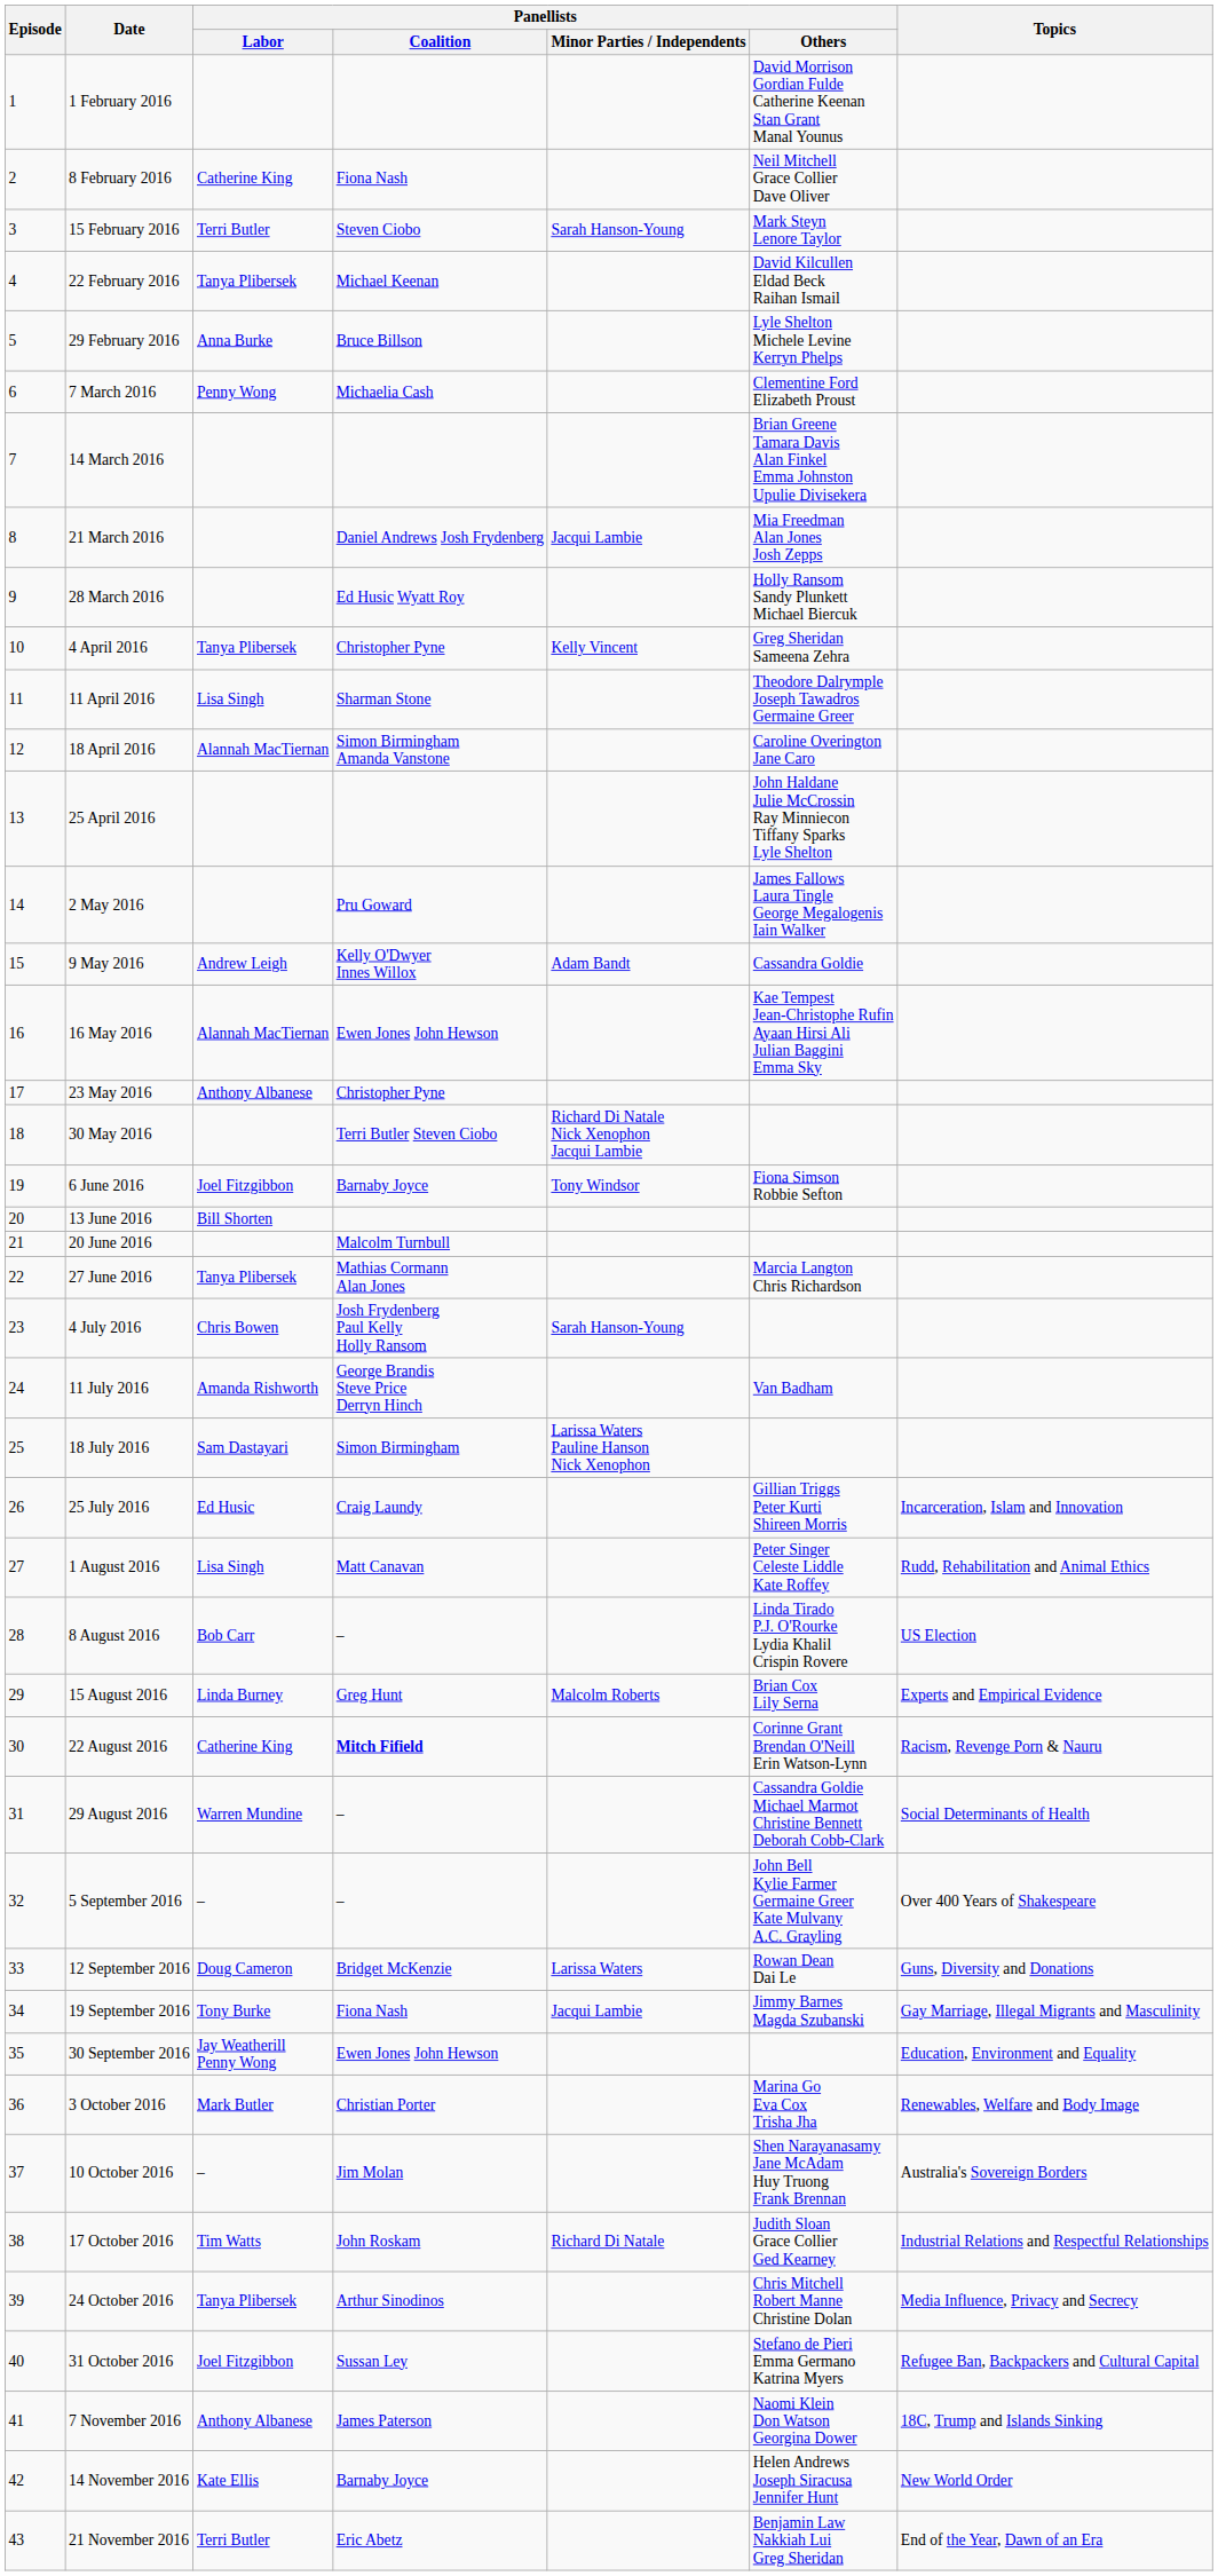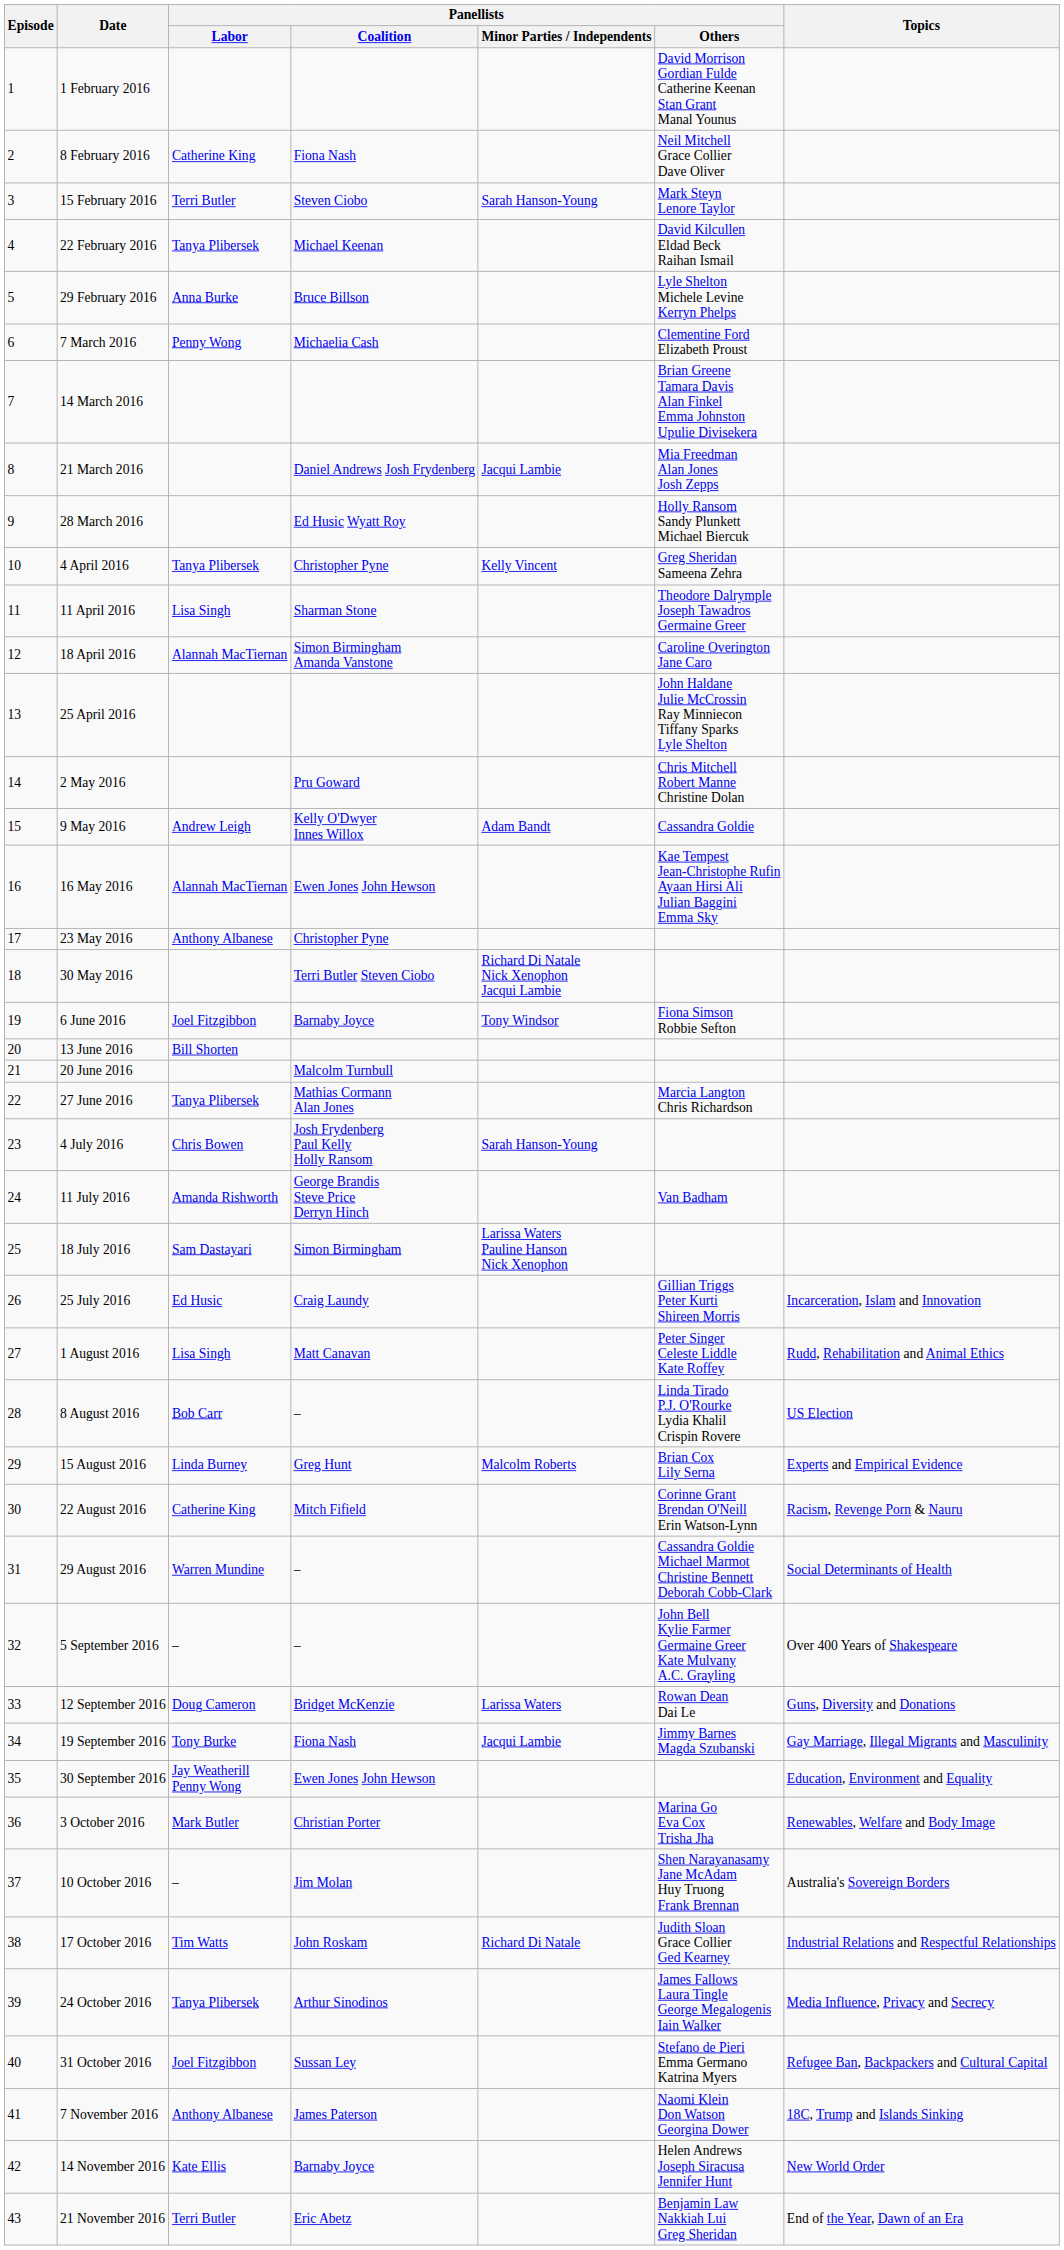 <table class="wikitable">
 <tr>
 <th rowspan="2">Episode</th>
 <th rowspan="2">Date</th>
 <th colspan="4">Panellists</th>
 <th rowspan="2">Topics</th>
 </tr>
 <tr>
 <th><a href='#'>Labor</a></th>
 <th><a href='#'>Coalition</a></th>
 <th>Minor Parties / Independents</th>
 <th>Others</th>
 </tr>
 <tr>
 <td>1</td>
 <td>1 February 2016</td>
 <td></td>
 <td></td>
 <td></td>
 <td><a href='#'>David Morrison</a><br><a href='#'>Gordian Fulde</a><br>Catherine Keenan<br><a href='#'>Stan Grant</a><br>Manal Younus</td>
 <td></td>
 </tr>
 <tr>
 <td>2</td>
 <td>8 February 2016</td>
 <td><a href='#'>Catherine King</a></td>
 <td><a href='#'>Fiona Nash</a></td>
 <td></td>
 <td><a href='#'>Neil Mitchell</a><br>Grace Collier<br>Dave Oliver</td>
 <td></td>
 </tr>
 <tr>
 <td>3</td>
 <td>15 February 2016</td>
 <td><a href='#'>Terri Butler</a></td>
 <td><a href='#'>Steven Ciobo</a></td>
 <td><a href='#'>Sarah Hanson-Young</a></td>
 <td><a href='#'>Mark Steyn</a><br><a href='#'>Lenore Taylor</a></td>
 <td></td>
 </tr>
 <tr>
 <td>4</td>
 <td>22 February 2016</td>
 <td><a href='#'>Tanya Plibersek</a></td>
 <td><a href='#'>Michael Keenan</a></td>
 <td></td>
 <td><a href='#'>David Kilcullen</a><br>Eldad Beck<br>Raihan Ismail</td>
 <td></td>
 </tr>
 <tr>
 <td>5</td>
 <td>29 February 2016</td>
 <td><a href='#'>Anna Burke</a></td>
 <td><a href='#'>Bruce Billson</a></td>
 <td></td>
 <td><a href='#'>Lyle Shelton</a><br>Michele Levine<br><a href='#'>Kerryn Phelps</a></td>
 <td></td>
 </tr>
 <tr>
 <td>6</td>
 <td>7 March 2016</td>
 <td><a href='#'>Penny Wong</a></td>
 <td><a href='#'>Michaelia Cash</a></td>
 <td></td>
 <td><a href='#'>Clementine Ford</a><br>Elizabeth Proust</td>
 <td></td>
 </tr>
 <tr>
 <td>7</td>
 <td>14 March 2016</td>
 <td></td>
 <td></td>
 <td></td>
 <td><a href='#'>Brian Greene</a><br><a href='#'>Tamara Davis</a><br><a href='#'>Alan Finkel</a><br><a href='#'>Emma Johnston</a><br><a href='#'>Upulie Divisekera</a></td>
 <td></td>
 </tr>
 <tr>
 <td>8</td>
 <td>21 March 2016</td>
 <td></td>
 <td><a href='#'>Daniel Andrews</a> <a href='#'>Josh Frydenberg</a></td>
 <td><a href='#'>Jacqui Lambie</a></td>
 <td><a href='#'>Mia Freedman</a><br><a href='#'>Alan Jones</a><br><a href='#'>Josh Zepps</a></td>
 <td></td>
 </tr>
 <tr>
 <td>9</td>
 <td>28 March 2016</td>
 <td></td>
 <td><a href='#'>Ed Husic</a> <a href='#'>Wyatt Roy</a></td>
 <td></td>
 <td><a href='#'>Holly Ransom</a><br>Sandy Plunkett<br>Michael Biercuk</td>
 <td></td>
 </tr>
 <tr>
 <td>10</td>
 <td>4 April 2016</td>
 <td><a href='#'>Tanya Plibersek</a></td>
 <td><a href='#'>Christopher Pyne</a></td>
 <td><a href='#'>Kelly Vincent</a></td>
 <td><a href='#'>Greg Sheridan</a><br>Sameena Zehra</td>
 <td></td>
 </tr>
 <tr>
 <td>11</td>
 <td>11 April 2016</td>
 <td><a href='#'>Lisa Singh</a></td>
 <td><a href='#'>Sharman Stone</a></td>
 <td></td>
 <td><a href='#'>Theodore Dalrymple</a><br><a href='#'>Joseph Tawadros</a><br><a href='#'>Germaine Greer</a></td>
 </tr>
 <tr>
 <td>12</td>
 <td>18 April 2016</td>
 <td><a href='#'>Alannah MacTiernan</a></td>
 <td><a href='#'>Simon Birmingham</a><br><a href='#'>Amanda Vanstone</a></td>
 <td></td>
 <td><a href='#'>Caroline Overington</a><br><a href='#'>Jane Caro</a></td>
 <td></td>
 </tr>
 <tr>
 <td>13</td>
 <td>25 April 2016</td>
 <td></td>
 <td></td>
 <td></td>
 <td><a href='#'>John Haldane</a><br><a href='#'>Julie McCrossin</a><br>Ray Minniecon<br>Tiffany Sparks<br><a href='#'>Lyle Shelton</a></td>
 <td></td>
 </tr>
 <tr>
 <td>14</td>
 <td>2 May 2016</td>
 <td></td>
 <td><a href='#'>Pru Goward</a></td>
 <td></td>
-<td><a href='#'>James Fallows</a><br><a href='#'>Laura Tingle</a><br><a href='#'>George Megalogenis</a><br><a href='#'>Iain Walker</a></td>
+<td><a href='#'>Chris Mitchell</a><br><a href='#'>Robert Manne</a><br>Christine Dolan</td>
 </tr>
 <tr>
 <td>15</td>
 <td>9 May 2016</td>
 <td><a href='#'>Andrew Leigh</a></td>
 <td><a href='#'>Kelly O'Dwyer</a><br><a href='#'>Innes Willox</a></td>
 <td><a href='#'>Adam Bandt</a></td>
 <td><a href='#'>Cassandra Goldie</a></td>
 <td></td>
 </tr>
 <tr>
 <td>16</td>
 <td>16 May 2016</td>
 <td><a href='#'>Alannah MacTiernan</a></td>
 <td><a href='#'>Ewen Jones</a> <a href='#'>John Hewson</a></td>
 <td></td>
 <td><a href='#'>Kae Tempest</a><br><a href='#'>Jean-Christophe Rufin</a><br><a href='#'>Ayaan Hirsi Ali</a><br><a href='#'>Julian Baggini</a><br><a href='#'>Emma Sky</a></td>
 <td></td>
 </tr>
 <tr>
 <td>17</td>
 <td>23 May 2016</td>
 <td><a href='#'>Anthony Albanese</a></td>
 <td><a href='#'>Christopher Pyne</a></td>
 <td></td>
 <td></td>
 <td></td>
 </tr>
 <tr>
 <td>18</td>
 <td>30 May 2016</td>
 <td></td>
 <td><a href='#'>Terri Butler</a> <a href='#'>Steven Ciobo</a></td>
 <td><a href='#'>Richard Di Natale</a><br><a href='#'>Nick Xenophon</a><br><a href='#'>Jacqui Lambie</a></td>
 <td></td>
 <td></td>
 </tr>
 <tr>
 <td>19</td>
 <td>6 June 2016</td>
 <td><a href='#'>Joel Fitzgibbon</a></td>
 <td><a href='#'>Barnaby Joyce</a></td>
 <td><a href='#'>Tony Windsor</a></td>
 <td><a href='#'>Fiona Simson</a><br>Robbie Sefton</td>
 <td></td>
 </tr>
 <tr>
 <td>20</td>
 <td>13 June 2016</td>
 <td><a href='#'>Bill Shorten</a></td>
 <td></td>
 <td></td>
 <td></td>
 <td></td>
 </tr>
 <tr>
 <td>21</td>
 <td>20 June 2016</td>
 <td></td>
 <td><a href='#'>Malcolm Turnbull</a></td>
 <td></td>
 <td></td>
 <td></td>
 </tr>
 <tr>
 <td>22</td>
 <td>27 June 2016</td>
 <td><a href='#'>Tanya Plibersek</a></td>
 <td><a href='#'>Mathias Cormann</a><br><a href='#'>Alan Jones</a></td>
 <td></td>
 <td><a href='#'>Marcia Langton</a><br>Chris Richardson</td>
 <td></td>
 </tr>
 <tr>
 <td>23</td>
 <td>4 July 2016</td>
 <td><a href='#'>Chris Bowen</a></td>
 <td><a href='#'>Josh Frydenberg</a><br><a href='#'>Paul Kelly</a><br><a href='#'>Holly Ransom</a></td>
 <td><a href='#'>Sarah Hanson-Young</a></td>
 <td></td>
 <td></td>
 </tr>
 <tr>
 <td>24</td>
 <td>11 July 2016</td>
 <td><a href='#'>Amanda Rishworth</a></td>
 <td><a href='#'>George Brandis</a><br><a href='#'>Steve Price</a><br><a href='#'>Derryn Hinch</a></td>
 <td></td>
 <td><a href='#'>Van Badham</a></td>
 <td></td>
 </tr>
 <tr>
 <td>25</td>
 <td>18 July 2016</td>
 <td><a href='#'>Sam Dastayari</a></td>
 <td><a href='#'>Simon Birmingham</a></td>
 <td><a href='#'>Larissa Waters</a><br><a href='#'>Pauline Hanson</a><br><a href='#'>Nick Xenophon</a></td>
 <td></td>
 <td></td>
 </tr>
 <tr>
 <td>26</td>
 <td>25 July 2016</td>
 <td><a href='#'>Ed Husic</a></td>
 <td><a href='#'>Craig Laundy</a></td>
 <td></td>
 <td><a href='#'>Gillian Triggs</a><br><a href='#'>Peter Kurti</a><br><a href='#'>Shireen Morris</a></td>
 <td><a href='#'>Incarceration</a>, <a href='#'>Islam</a> and <a href='#'>Innovation</a></td>
 </tr>
 <tr>
 <td>27</td>
 <td>1 August 2016</td>
 <td><a href='#'>Lisa Singh</a></td>
 <td><a href='#'>Matt Canavan</a></td>
 <td></td>
 <td><a href='#'>Peter Singer</a><br><a href='#'>Celeste Liddle</a><br><a href='#'>Kate Roffey</a></td>
 <td><a href='#'>Rudd</a>, <a href='#'>Rehabilitation</a> and <a href='#'>Animal Ethics</a></td>
 </tr>
 <tr>
 <td>28</td>
 <td>8 August 2016</td>
 <td><a href='#'>Bob Carr</a></td>
 <td>–</td>
 <td></td>
 <td><a href='#'>Linda Tirado</a><br><a href='#'>P.J. O'Rourke</a><br>Lydia Khalil<br>Crispin Rovere</td>
 <td><a href='#'>US Election</a></td>
 </tr>
 <tr>
 <td>29</td>
 <td>15 August 2016</td>
 <td><a href='#'>Linda Burney</a></td>
 <td><a href='#'>Greg Hunt</a></td>
 <td><a href='#'>Malcolm Roberts</a></td>
 <td><a href='#'>Brian Cox</a><br><a href='#'>Lily Serna</a></td>
 <td><a href='#'>Experts</a> and <a href='#'>Empirical Evidence</a></td>
 </tr>
 <tr>
 <td>30</td>
 <td>22 August 2016</td>
 <td><a href='#'>Catherine King</a></td>
-<td><strong><a href='#'>Mitch Fifield</a></strong></td>
+<td><a href='#'>Mitch Fifield</a></td>
 <td></td>
 <td><a href='#'>Corinne Grant</a><br><a href='#'>Brendan O'Neill</a><br>Erin Watson-Lynn</td>
 <td><a href='#'>Racism</a>, <a href='#'>Revenge Porn</a> & <a href='#'>Nauru</a></td>
 </tr>
 <tr>
 <td>31</td>
 <td>29 August 2016</td>
 <td><a href='#'>Warren Mundine</a></td>
 <td>–</td>
 <td></td>
 <td><a href='#'>Cassandra Goldie</a><br><a href='#'>Michael Marmot</a><br><a href='#'>Christine Bennett</a><br><a href='#'>Deborah Cobb-Clark</a></td>
 <td><a href='#'>Social Determinants of Health</a></td>
 </tr>
 <tr>
 <td>32</td>
 <td>5 September 2016</td>
 <td>–</td>
 <td>–</td>
 <td></td>
 <td><a href='#'>John Bell</a><br><a href='#'>Kylie Farmer</a><br><a href='#'>Germaine Greer</a><br><a href='#'>Kate Mulvany</a><br><a href='#'>A.C. Grayling</a></td>
 <td>Over 400 Years of <a href='#'>Shakespeare</a></td>
 </tr>
 <tr>
 <td>33</td>
 <td>12 September 2016</td>
 <td><a href='#'>Doug Cameron</a></td>
 <td><a href='#'>Bridget McKenzie</a></td>
 <td><a href='#'>Larissa Waters</a></td>
 <td><a href='#'>Rowan Dean</a><br>Dai Le</td>
 <td><a href='#'>Guns</a>, <a href='#'>Diversity</a> and <a href='#'>Donations</a></td>
 </tr>
 <tr>
 <td>34</td>
 <td>19 September 2016</td>
 <td><a href='#'>Tony Burke</a></td>
 <td><a href='#'>Fiona Nash</a></td>
 <td><a href='#'>Jacqui Lambie</a></td>
 <td><a href='#'>Jimmy Barnes</a><br><a href='#'>Magda Szubanski</a></td>
 <td><a href='#'>Gay Marriage</a>, <a href='#'>Illegal Migrants</a> and <a href='#'>Masculinity</a></td>
 </tr>
 <tr>
 <td>35</td>
 <td>30 September 2016</td>
 <td><a href='#'>Jay Weatherill</a><br><a href='#'>Penny Wong</a></td>
 <td><a href='#'>Ewen Jones</a> <a href='#'>John Hewson</a></td>
 <td></td>
 <td></td>
 <td><a href='#'>Education</a>, <a href='#'>Environment</a> and <a href='#'>Equality</a></td>
 </tr>
 <tr>
 <td>36</td>
 <td>3 October 2016</td>
 <td><a href='#'>Mark Butler</a></td>
 <td><a href='#'>Christian Porter</a></td>
 <td></td>
 <td><a href='#'>Marina Go</a><br><a href='#'>Eva Cox</a><br><a href='#'>Trisha Jha</a></td>
 <td><a href='#'>Renewables</a>, <a href='#'>Welfare</a> and <a href='#'>Body Image</a></td>
 </tr>
 <tr>
 <td>37</td>
 <td>10 October 2016</td>
 <td>–</td>
 <td><a href='#'>Jim Molan</a></td>
 <td></td>
 <td><a href='#'>Shen Narayanasamy</a><br><a href='#'>Jane McAdam</a><br>Huy Truong<br><a href='#'>Frank Brennan</a></td>
 <td>Australia's <a href='#'>Sovereign Borders</a></td>
 </tr>
 <tr>
 <td>38</td>
 <td>17 October 2016</td>
 <td><a href='#'>Tim Watts</a></td>
 <td><a href='#'>John Roskam</a></td>
 <td><a href='#'>Richard Di Natale</a></td>
 <td><a href='#'>Judith Sloan</a><br>Grace Collier<br><a href='#'>Ged Kearney</a></td>
 <td><a href='#'>Industrial Relations</a> and <a href='#'>Respectful Relationships</a></td>
 </tr>
 <tr>
 <td>39</td>
 <td>24 October 2016</td>
 <td><a href='#'>Tanya Plibersek</a></td>
 <td><a href='#'>Arthur Sinodinos</a></td>
 <td></td>
-<td><a href='#'>Chris Mitchell</a><br><a href='#'>Robert Manne</a><br>Christine Dolan</td>
+<td><a href='#'>James Fallows</a><br><a href='#'>Laura Tingle</a><br><a href='#'>George Megalogenis</a><br><a href='#'>Iain Walker</a></td>
 <td><a href='#'>Media Influence</a>, <a href='#'>Privacy</a> and <a href='#'>Secrecy</a></td>
 </tr>
 <tr>
 <td>40</td>
 <td>31 October 2016</td>
 <td><a href='#'>Joel Fitzgibbon</a></td>
 <td><a href='#'>Sussan Ley</a></td>
 <td></td>
 <td><a href='#'>Stefano de Pieri</a><br>Emma Germano<br>Katrina Myers</td>
 <td><a href='#'>Refugee Ban</a>, <a href='#'>Backpackers</a> and <a href='#'>Cultural Capital</a></td>
 </tr>
 <tr>
 <td>41</td>
 <td>7 November 2016</td>
 <td><a href='#'>Anthony Albanese</a></td>
 <td><a href='#'>James Paterson</a></td>
 <td></td>
 <td><a href='#'>Naomi Klein</a><br><a href='#'>Don Watson</a><br><a href='#'>Georgina Dower</a></td>
 <td><a href='#'>18C</a>, <a href='#'>Trump</a> and <a href='#'>Islands Sinking</a></td>
 </tr>
 <tr>
 <td>42</td>
 <td>14 November 2016</td>
 <td><a href='#'>Kate Ellis</a></td>
 <td><a href='#'>Barnaby Joyce</a></td>
 <td></td>
 <td>Helen Andrews<br><a href='#'>Joseph Siracusa</a><br><a href='#'>Jennifer Hunt</a></td>
 <td><a href='#'>New World Order</a></td>
 </tr>
 <tr>
 <td>43</td>
 <td>21 November 2016</td>
 <td><a href='#'>Terri Butler</a></td>
 <td><a href='#'>Eric Abetz</a></td>
 <td></td>
 <td><a href='#'>Benjamin Law</a><br><a href='#'>Nakkiah Lui</a><br><a href='#'>Greg Sheridan</a></td>
 <td>End of <a href='#'>the Year</a>, <a href='#'>Dawn of an Era</a></td>
 </tr>
 </table>
